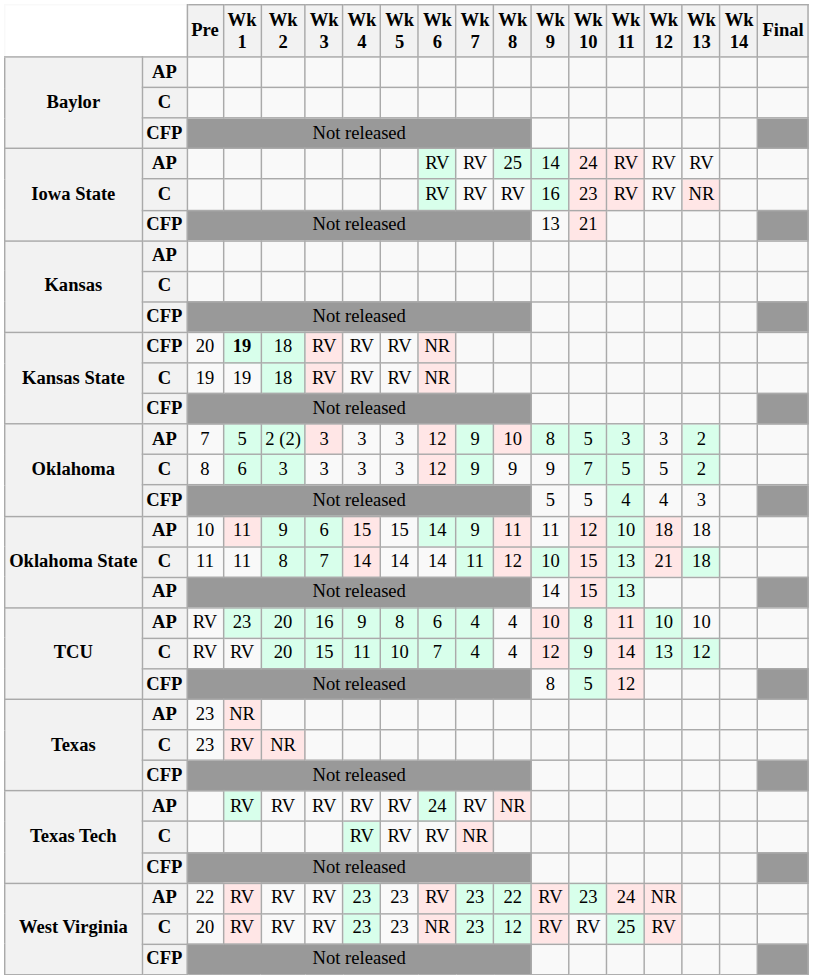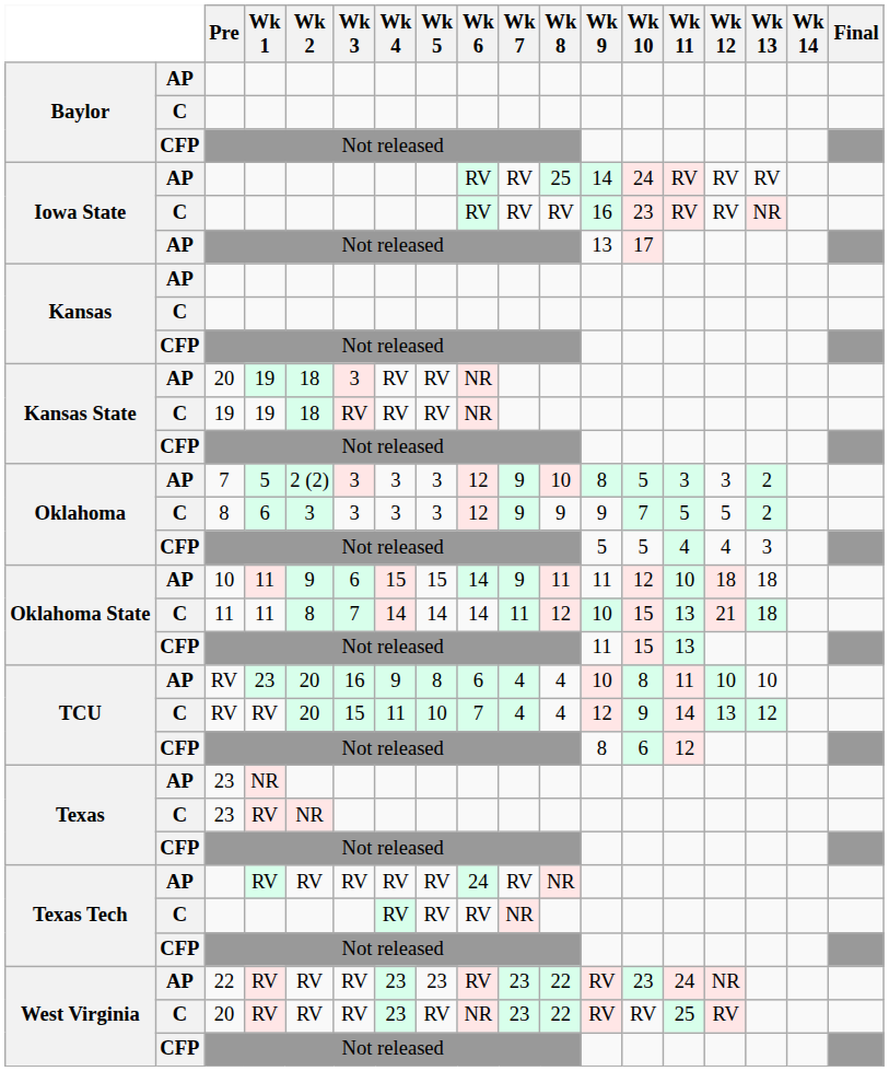 <table class="wikitable" style="white-space:nowrap;font-size:80%;">
 <tr>
 <th colspan=2 style="background:white; border-top-style:hidden; border-left-style:hidden;"> </th>
 <th>Pre</th>
 <th>Wk<br>1</th>
 <th>Wk<br>2</th>
 <th>Wk<br>3</th>
 <th>Wk<br>4</th>
 <th>Wk<br>5</th>
 <th>Wk<br>6</th>
 <th>Wk<br>7</th>
 <th>Wk<br>8</th>
 <th>Wk<br>9</th>
 <th>Wk<br>10</th>
 <th>Wk<br>11</th>
 <th>Wk<br>12</th>
 <th>Wk<br>13</th>
 <th>Wk<br>14</th>
 <th>Final</th>
 </tr>
 <tr style="text-align:center;">
 <th rowspan=3><strong>Baylor</strong></th>
 <th>AP</th>
 <td style="background:#;"></td>
 <td style="background:#;"></td>
 <td style="background:#;"></td>
 <td style="background:#;"></td>
 <td style="background:#;"></td>
 <td style="background:#;"></td>
 <td style="background:#;"></td>
 <td style="background:#;"></td>
 <td style="background:#;"></td>
 <td style="background:#;"></td>
 <td style="background:#;"></td>
 <td style="background:#;"></td>
 <td style="background:#;"></td>
 <td style="background:#;"></td>
 <td style="background:#;"></td>
 <td style="background:#;"></td>
 </tr>
 <tr style="text-align:center;">
 <th>C</th>
 <td style="background:#;"></td>
 <td style="background:#;"></td>
 <td style="background:#;"></td>
 <td style="background:#;"></td>
 <td style="background:#;"></td>
 <td style="background:#;"></td>
 <td style="background:#;"></td>
 <td style="background:#;"></td>
 <td style="background:#;"></td>
 <td style="background:#;"></td>
 <td style="background:#;"></td>
 <td style="background:#;"></td>
 <td style="background:#;"></td>
 <td style="background:#;"></td>
 <td style="background:#;"></td>
 <td style="background:#;"></td>
 </tr>
 <tr style="text-align:center;">
 <th>CFP</th>
 <td colspan=9 style="background:#999;">Not released</td>
 <td style="background:#;"></td>
 <td style="background:#;"></td>
 <td style="background:#;"></td>
 <td style="background:#;"></td>
 <td style="background:#;"></td>
 <td style="background:#;"></td>
 <td style="background:#999;"></td>
 </tr>
 <tr style="text-align:center;">
 <th rowspan=3><strong>Iowa State</strong></th>
 <th>AP</th>
 <td style="background:#;"></td>
 <td style="background:#;"></td>
 <td style="background:#;"></td>
 <td style="background:#;"></td>
 <td style="background:#;"></td>
 <td style="background:#;"></td>
 <td style="background:#D8FFEB;">RV</td>
 <td style="background:#;">RV</td>
 <td style="background:#D8FFEB;">25</td>
 <td style="background:#D8FFEB;">14</td>
 <td style="background:#FFE6E6;">24</td>
 <td style="background:#FFE6E6;">RV</td>
 <td style="background:#;">RV</td>
 <td style="background:#;">RV</td>
 <td style="background:#;"></td>
 <td style="background:#;"></td>
 </tr>
 <tr style="text-align:center;">
 <th>C</th>
 <td style="background:#;"></td>
 <td style="background:#;"></td>
 <td style="background:#;"></td>
 <td style="background:#;"></td>
 <td style="background:#;"></td>
 <td style="background:#;"></td>
 <td style="background:#D8FFEB;">RV</td>
 <td style="background:#;">RV</td>
 <td style="background:#;">RV</td>
 <td style="background:#D8FFEB;">16</td>
 <td style="background:#FFE6E6;">23</td>
 <td style="background:#FFE6E6;">RV</td>
 <td style="background:#;">RV</td>
 <td style="background:#FFE6E6;">NR</td>
 <td style="background:#;"></td>
 <td style="background:#;"></td>
 </tr>
 <tr style="text-align:center;">
-<th>CFP</th>
+<th>AP</th>
 <td colspan=9 style="background:#999;">Not released</td>
 <td style="background:#;">13</td>
-<td style="background:#FFE6E6;">21</td>
+<td style="background:#FFE6E6;">17</td>
 <td style="background:#;"></td>
 <td style="background:#;"></td>
 <td style="background:#;"></td>
 <td style="background:#;"></td>
 <td style="background:#999;"></td>
 </tr>
 <tr style="text-align:center;">
 <th rowspan=3><strong>Kansas</strong></th>
 <th>AP</th>
 <td style="background:#;"></td>
 <td style="background:#;"></td>
 <td style="background:#;"></td>
 <td style="background:#;"></td>
 <td style="background:#;"></td>
 <td style="background:#;"></td>
 <td style="background:#;"></td>
 <td style="background:#;"></td>
 <td style="background:#;"></td>
 <td style="background:#;"></td>
 <td style="background:#;"></td>
 <td style="background:#;"></td>
 <td style="background:#;"></td>
 <td style="background:#;"></td>
 <td style="background:#;"></td>
 <td style="background:#;"></td>
 </tr>
 <tr style="text-align:center;">
 <th>C</th>
 <td style="background:#;"></td>
 <td style="background:#;"></td>
 <td style="background:#;"></td>
 <td style="background:#;"></td>
 <td style="background:#;"></td>
 <td style="background:#;"></td>
 <td style="background:#;"></td>
 <td style="background:#;"></td>
 <td style="background:#;"></td>
 <td style="background:#;"></td>
 <td style="background:#;"></td>
 <td style="background:#;"></td>
 <td style="background:#;"></td>
 <td style="background:#;"></td>
 <td style="background:#;"></td>
 <td style="background:#;"></td>
 </tr>
 <tr style="text-align:center;">
 <th>CFP</th>
 <td colspan=9 style="background:#999;">Not released</td>
 <td style="background:#;"></td>
 <td style="background:#;"></td>
 <td style="background:#;"></td>
 <td style="background:#;"></td>
 <td style="background:#;"></td>
 <td style="background:#;"></td>
 <td style="background:#999;"></td>
 </tr>
 <tr style="text-align:center;">
 <th rowspan=3><strong>Kansas State</strong></th>
-<th>CFP</th>
+<th>AP</th>
 <td style="background:#;">20</td>
-<td style="background:#D8FFEB;"><strong>19</strong></td>
+<td style="background:#D8FFEB;">19</td>
 <td style="background:#D8FFEB;">18</td>
-<td style="background:#FFE6E6">RV</td>
+<td style="background:#FFE6E6;">3</td>
 <td style="background:#;">RV</td>
 <td style="background:#;">RV</td>
 <td style="background:#FFE6E6">NR</td>
 <td style="background:#;"></td>
 <td style="background:#;"></td>
 <td style="background:#;"></td>
 <td style="background:#;"></td>
 <td style="background:#;"></td>
 <td style="background:#;"></td>
 <td style="background:#;"></td>
 <td style="background:#;"></td>
 <td style="background:#;"></td>
 </tr>
 <tr style="text-align:center;">
 <th>C</th>
 <td style="background:#;">19</td>
 <td style="background:#;">19</td>
 <td style="background:#D8FFEB;">18</td>
 <td style="background:#FFE6E6">RV</td>
 <td style="background:#;">RV</td>
 <td style="background:#;">RV</td>
 <td style="background:#FFE6E6">NR</td>
 <td style="background:#;"></td>
 <td style="background:#;"></td>
 <td style="background:#;"></td>
 <td style="background:#;"></td>
 <td style="background:#;"></td>
 <td style="background:#;"></td>
 <td style="background:#;"></td>
 <td style="background:#;"></td>
 <td style="background:#;"></td>
 </tr>
 <tr style="text-align:center;">
 <th>CFP</th>
 <td colspan=9 style="background:#999;">Not released</td>
 <td style="background:#;"></td>
 <td style="background:#;"></td>
 <td style="background:#;"></td>
 <td style="background:#;"></td>
 <td style="background:#;"></td>
 <td style="background:#;"></td>
 <td style="background:#999;"></td>
 </tr>
 <tr style="text-align:center;">
 <th rowspan=3><strong>Oklahoma</strong></th>
 <th>AP</th>
 <td style="background:#;">7</td>
 <td style="background:#D8FFEB;">5</td>
 <td style="background:#D8FFEB;">2 (2)</td>
 <td style="background:#FFE6E6;">3</td>
 <td style="background:#;">3</td>
 <td style="background:#;">3</td>
 <td style="background:#FFE6E6;">12</td>
 <td style="background:#D8FFEB;">9</td>
 <td style="background:#FFE6E6;">10</td>
 <td style="background:#D8FFEB;">8</td>
 <td style="background:#D8FFEB;">5</td>
 <td style="background:#D8FFEB;">3</td>
 <td style="background:#;">3</td>
 <td style="background:#D8FFEB;">2</td>
 <td style="background:#;"></td>
 <td style="background:#;"></td>
 </tr>
 <tr style="text-align:center;">
 <th>C</th>
 <td style="background:#;">8</td>
 <td style="background:#D8FFEB;">6</td>
 <td style="background:#D8FFEB;">3</td>
 <td style="background:#;">3</td>
 <td style="background:#;">3</td>
 <td style="background:#;">3</td>
 <td style="background:#FFE6E6;">12</td>
 <td style="background:#D8FFEB;">9</td>
 <td style="background:#;">9</td>
 <td style="background:#;">9</td>
 <td style="background:#D8FFEB;">7</td>
 <td style="background:#D8FFEB;">5</td>
 <td style="background:#;">5</td>
 <td style="background:#D8FFEB;">2</td>
 <td style="background:#;"></td>
 <td style="background:#;"></td>
 </tr>
 <tr style="text-align:center;">
 <th>CFP</th>
 <td colspan=9 style="background:#999;">Not released</td>
 <td style="background:#;">5</td>
 <td style="background:#;">5</td>
 <td style="background:#D8FFEB;">4</td>
 <td style="background:#;">4</td>
 <td style="background:#;">3</td>
 <td style="background:#;"></td>
 <td style="background:#999;"></td>
 </tr>
 <tr style="text-align:center;">
 <th rowspan=3><strong>Oklahoma State</strong></th>
 <th>AP</th>
 <td style="background:#;">10</td>
 <td style="background:#FFE6E6;">11</td>
 <td style="background:#D8FFEB;">9</td>
 <td style="background:#D8FFEB">6</td>
 <td style="background:#FFE6E6;">15</td>
 <td style="background:#;">15</td>
 <td style="background:#D8FFEB;">14</td>
 <td style="background:#D8FFEB;">9</td>
 <td style="background:#FFE6E6;">11</td>
 <td style="background:#;">11</td>
 <td style="background:#FFE6E6;">12</td>
 <td style="background:#D8FFEB;">10</td>
 <td style="background:#FFE6E6;">18</td>
 <td style="background:#;">18</td>
 <td style="background:#;"></td>
 <td style="background:#;"></td>
 </tr>
 <tr style="text-align:center;">
 <th>C</th>
 <td style="background:#;">11</td>
 <td style="background:#;">11</td>
 <td style="background:#D8FFEB;">8</td>
 <td style="background:#D8FFEB;">7</td>
 <td style="background:#FFE6E6;">14</td>
 <td style="background:#;">14</td>
 <td style="background:#;">14</td>
 <td style="background:#D8FFEB;">11</td>
 <td style="background:#FFE6E6;">12</td>
 <td style="background:#D8FFEB;">10</td>
 <td style="background:#FFE6E6;">15</td>
 <td style="background:#D8FFEB;">13</td>
 <td style="background:#FFE6E6;">21</td>
 <td style="background:#D8FFEB;">18</td>
 <td style="background:#;"></td>
 <td style="background:#;"></td>
 </tr>
 <tr style="text-align:center;">
-<th>AP</th>
+<th>CFP</th>
 <td colspan=9 style="background:#999;">Not released</td>
-<td style="background:#;">14</td>
+<td style="background:#;">11</td>
 <td style="background:#FFE6E6;">15</td>
 <td style="background:#D8FFEB;">13</td>
 <td style="background:#;"></td>
 <td style="background:#;"></td>
 <td style="background:#;"></td>
 <td style="background:#999;"></td>
 </tr>
 <tr style="text-align:center;">
 <th rowspan=3><strong>TCU</strong></th>
 <th>AP</th>
 <td style="background:#;">RV</td>
 <td style="background:#D8FFEB;">23</td>
 <td style="background:#D8FFEB;">20</td>
 <td style="background:#D8FFEB;">16</td>
 <td style="background:#D8FFEB;">9</td>
 <td style="background:#D8FFEB;">8</td>
 <td style="background:#D8FFEB;">6</td>
 <td style="background:#D8FFEB;">4</td>
 <td style="background:#;">4</td>
 <td style="background:#FFE6E6;">10</td>
 <td style="background:#D8FFEB;">8</td>
 <td style="background:#FFE6E6;">11</td>
 <td style="background:#D8FFEB;">10</td>
 <td style="background:#;">10</td>
 <td style="background:#;"></td>
 <td style="background:#;"></td>
 </tr>
 <tr style="text-align:center;">
 <th>C</th>
 <td style="background:#;">RV</td>
 <td style="background:#;">RV</td>
 <td style="background:#D8FFEB;">20</td>
 <td style="background:#D8FFEB;">15</td>
 <td style="background:#D8FFEB;">11</td>
 <td style="background:#D8FFEB;">10</td>
 <td style="background:#D8FFEB;">7</td>
 <td style="background:#D8FFEB;">4</td>
 <td style="background:#;">4</td>
 <td style="background:#FFE6E6;">12</td>
 <td style="background:#D8FFEB;">9</td>
 <td style="background:#FFE6E6;">14</td>
 <td style="background:#D8FFEB;">13</td>
 <td style="background:#D8FFEB;">12</td>
 <td style="background:#;"></td>
 <td style="background:#;"></td>
 </tr>
 <tr style="text-align:center;">
 <th>CFP</th>
 <td colspan=9 style="background:#999;">Not released</td>
 <td style="background:#;">8</td>
-<td style="background:#D8FFEB;">5</td>
+<td style="background:#D8FFEB;">6</td>
 <td style="background:#FFE6E6;">12</td>
 <td style="background:#;"></td>
 <td style="background:#;"></td>
 <td style="background:#;"></td>
 <td style="background:#999;"></td>
 </tr>
 <tr style="text-align:center;">
 <th rowspan=3><strong>Texas</strong></th>
 <th>AP</th>
 <td style="background:#;">23</td>
 <td style="background:#FFE6E6;">NR</td>
 <td style="background:#;"></td>
 <td style="background:#;"></td>
 <td style="background:#;"></td>
 <td style="background:#;"></td>
 <td style="background:#;"></td>
 <td style="background:#;"></td>
 <td style="background:#;"></td>
 <td style="background:#;"></td>
 <td style="background:#;"></td>
 <td style="background:#;"></td>
 <td style="background:#;"></td>
 <td style="background:#;"></td>
 <td style="background:#;"></td>
 <td style="background:#;"></td>
 </tr>
 <tr style="text-align:center;">
 <th>C</th>
 <td style="background:#;">23</td>
 <td style="background:#FFE6E6;">RV</td>
 <td style="background:#FFE6E6;">NR</td>
 <td style="background:#;"></td>
 <td style="background:#;"></td>
 <td style="background:#;"></td>
 <td style="background:#;"></td>
 <td style="background:#;"></td>
 <td style="background:#;"></td>
 <td style="background:#;"></td>
 <td style="background:#;"></td>
 <td style="background:#;"></td>
 <td style="background:#;"></td>
 <td style="background:#;"></td>
 <td style="background:#;"></td>
 <td style="background:#;"></td>
 </tr>
 <tr style="text-align:center;">
 <th>CFP</th>
 <td colspan=9 style="background:#999;">Not released</td>
 <td style="background:#;"></td>
 <td style="background:#;"></td>
 <td style="background:#;"></td>
 <td style="background:#;"></td>
 <td style="background:#;"></td>
 <td style="background:#;"></td>
 <td style="background:#999;"></td>
 </tr>
 <tr style="text-align:center;">
 <th rowspan=3><strong>Texas Tech</strong></th>
 <th>AP</th>
 <td style="background:#;"></td>
 <td style="background:#D8FFEB;">RV</td>
 <td style="background:#;">RV</td>
 <td style="background:#;">RV</td>
 <td style="background:#;">RV</td>
 <td style="background:#;">RV</td>
 <td style="background:#D8FFEB;">24</td>
 <td style="background:#;">RV</td>
 <td style="background:#FFE6E6">NR</td>
 <td style="background:#;"></td>
 <td style="background:#;"></td>
 <td style="background:#;"></td>
 <td style="background:#;"></td>
 <td style="background:#;"></td>
 <td style="background:#;"></td>
 <td style="background:#;"></td>
 </tr>
 <tr style="text-align:center;">
 <th>C</th>
 <td style="background:#;"></td>
 <td style="background:#;"></td>
 <td style="background:#;"></td>
 <td style="background:#;"></td>
 <td style="background:#D8FFEB;">RV</td>
 <td style="background:#;">RV</td>
 <td style="background:#;">RV</td>
 <td style="background:#FFE6E6">NR</td>
 <td style="background:#;"></td>
 <td style="background:#;"></td>
 <td style="background:#;"></td>
 <td style="background:#;"></td>
 <td style="background:#;"></td>
 <td style="background:#;"></td>
 <td style="background:#;"></td>
 <td style="background:#;"></td>
 </tr>
 <tr style="text-align:center;">
 <th>CFP</th>
 <td colspan=9 style="background:#999;">Not released</td>
 <td style="background:#;"></td>
 <td style="background:#;"></td>
 <td style="background:#;"></td>
 <td style="background:#;"></td>
 <td style="background:#;"></td>
 <td style="background:#;"></td>
 <td style="background:#999;"></td>
 </tr>
 <tr style="text-align:center;">
 <th rowspan=3><strong>West Virginia</strong></th>
 <th>AP</th>
 <td style="background:#;">22</td>
 <td style="background:#FFE6E6;">RV</td>
 <td style="background:#;">RV</td>
 <td style="background:#;">RV</td>
 <td style="background:#D8FFEB;">23</td>
 <td style="background:#;">23</td>
 <td style="background:#FFE6E6;">RV</td>
 <td style="background:#D8FFEB;">23</td>
 <td style="background:#D8FFEB;">22</td>
 <td style="background:#FFE6E6;">RV</td>
 <td style="background:#D8FFEB;">23</td>
 <td style="background:#FFE6E6;">24</td>
 <td style="background:#FFE6E6;">NR</td>
 <td style="background:#;"></td>
 <td style="background:#;"></td>
 <td style="background:#;"></td>
 </tr>
 <tr style="text-align:center;">
 <th>C</th>
 <td style="background:#;">20</td>
 <td style="background:#FFE6E6;">RV</td>
 <td style="background:#;">RV</td>
 <td style="background:#;">RV</td>
 <td style="background:#D8FFEB;">23</td>
-<td style="background:#;">23</td>
+<td style="background:#;">RV</td>
 <td style="background:#FFE6E6">NR</td>
 <td style="background:#D8FFEB;">23</td>
-<td style="background:#D8FFEB;">12</td>
+<td style="background:#D8FFEB;">22</td>
 <td style="background:#FFE6E6;">RV</td>
 <td style="background:#;">RV</td>
 <td style="background:#D8FFEB;">25</td>
 <td style="background:#FFE6E6;">RV</td>
 <td style="background:#;"></td>
 <td style="background:#;"></td>
 <td style="background:#;"></td>
 </tr>
 <tr style="text-align:center;">
 <th>CFP</th>
 <td colspan=9 style="background:#999;">Not released</td>
 <td style="background:#;"></td>
 <td style="background:#;"></td>
 <td style="background:#;"></td>
 <td style="background:#;"></td>
 <td style="background:#;"></td>
 <td style="background:#;"></td>
 <td style="background:#999;"></td>
 </tr>
 </table>
